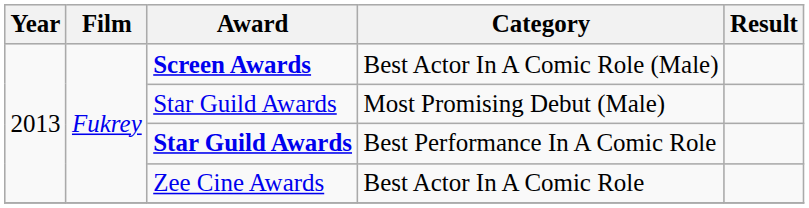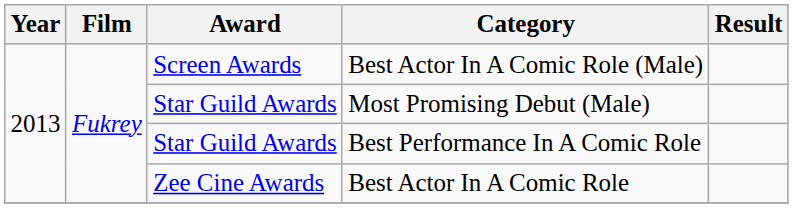 <table class="wikitable sortable">
 <tr>
 <th>Year</th>
 <th>Film</th>
 <th>Award</th>
 <th>Category</th>
 <th>Result</th>
 </tr>
 <tr>
 <td rowspan="4">2013</td>
 <td rowspan="4"><em><a href='#'>Fukrey</a></em></td>
-<td><strong><a href='#'>Screen Awards</a></strong></td>
+<td><a href='#'>Screen Awards</a></td>
 <td>Best Actor In A Comic Role (Male)</td>
 <td></td>
 </tr>
 <tr>
 <td><a href='#'>Star Guild Awards</a></td>
 <td>Most Promising Debut (Male)</td>
 <td></td>
 </tr>
 <tr>
-<td><strong><a href='#'>Star Guild Awards</a></strong></td>
+<td><a href='#'>Star Guild Awards</a></td>
 <td>Best Performance In A Comic Role</td>
 <td></td>
 </tr>
 <tr>
 <td><a href='#'>Zee Cine Awards</a></td>
 <td>Best Actor In A Comic Role</td>
 <td></td>
 </tr>
 <tr>
 </tr>
 </table>
